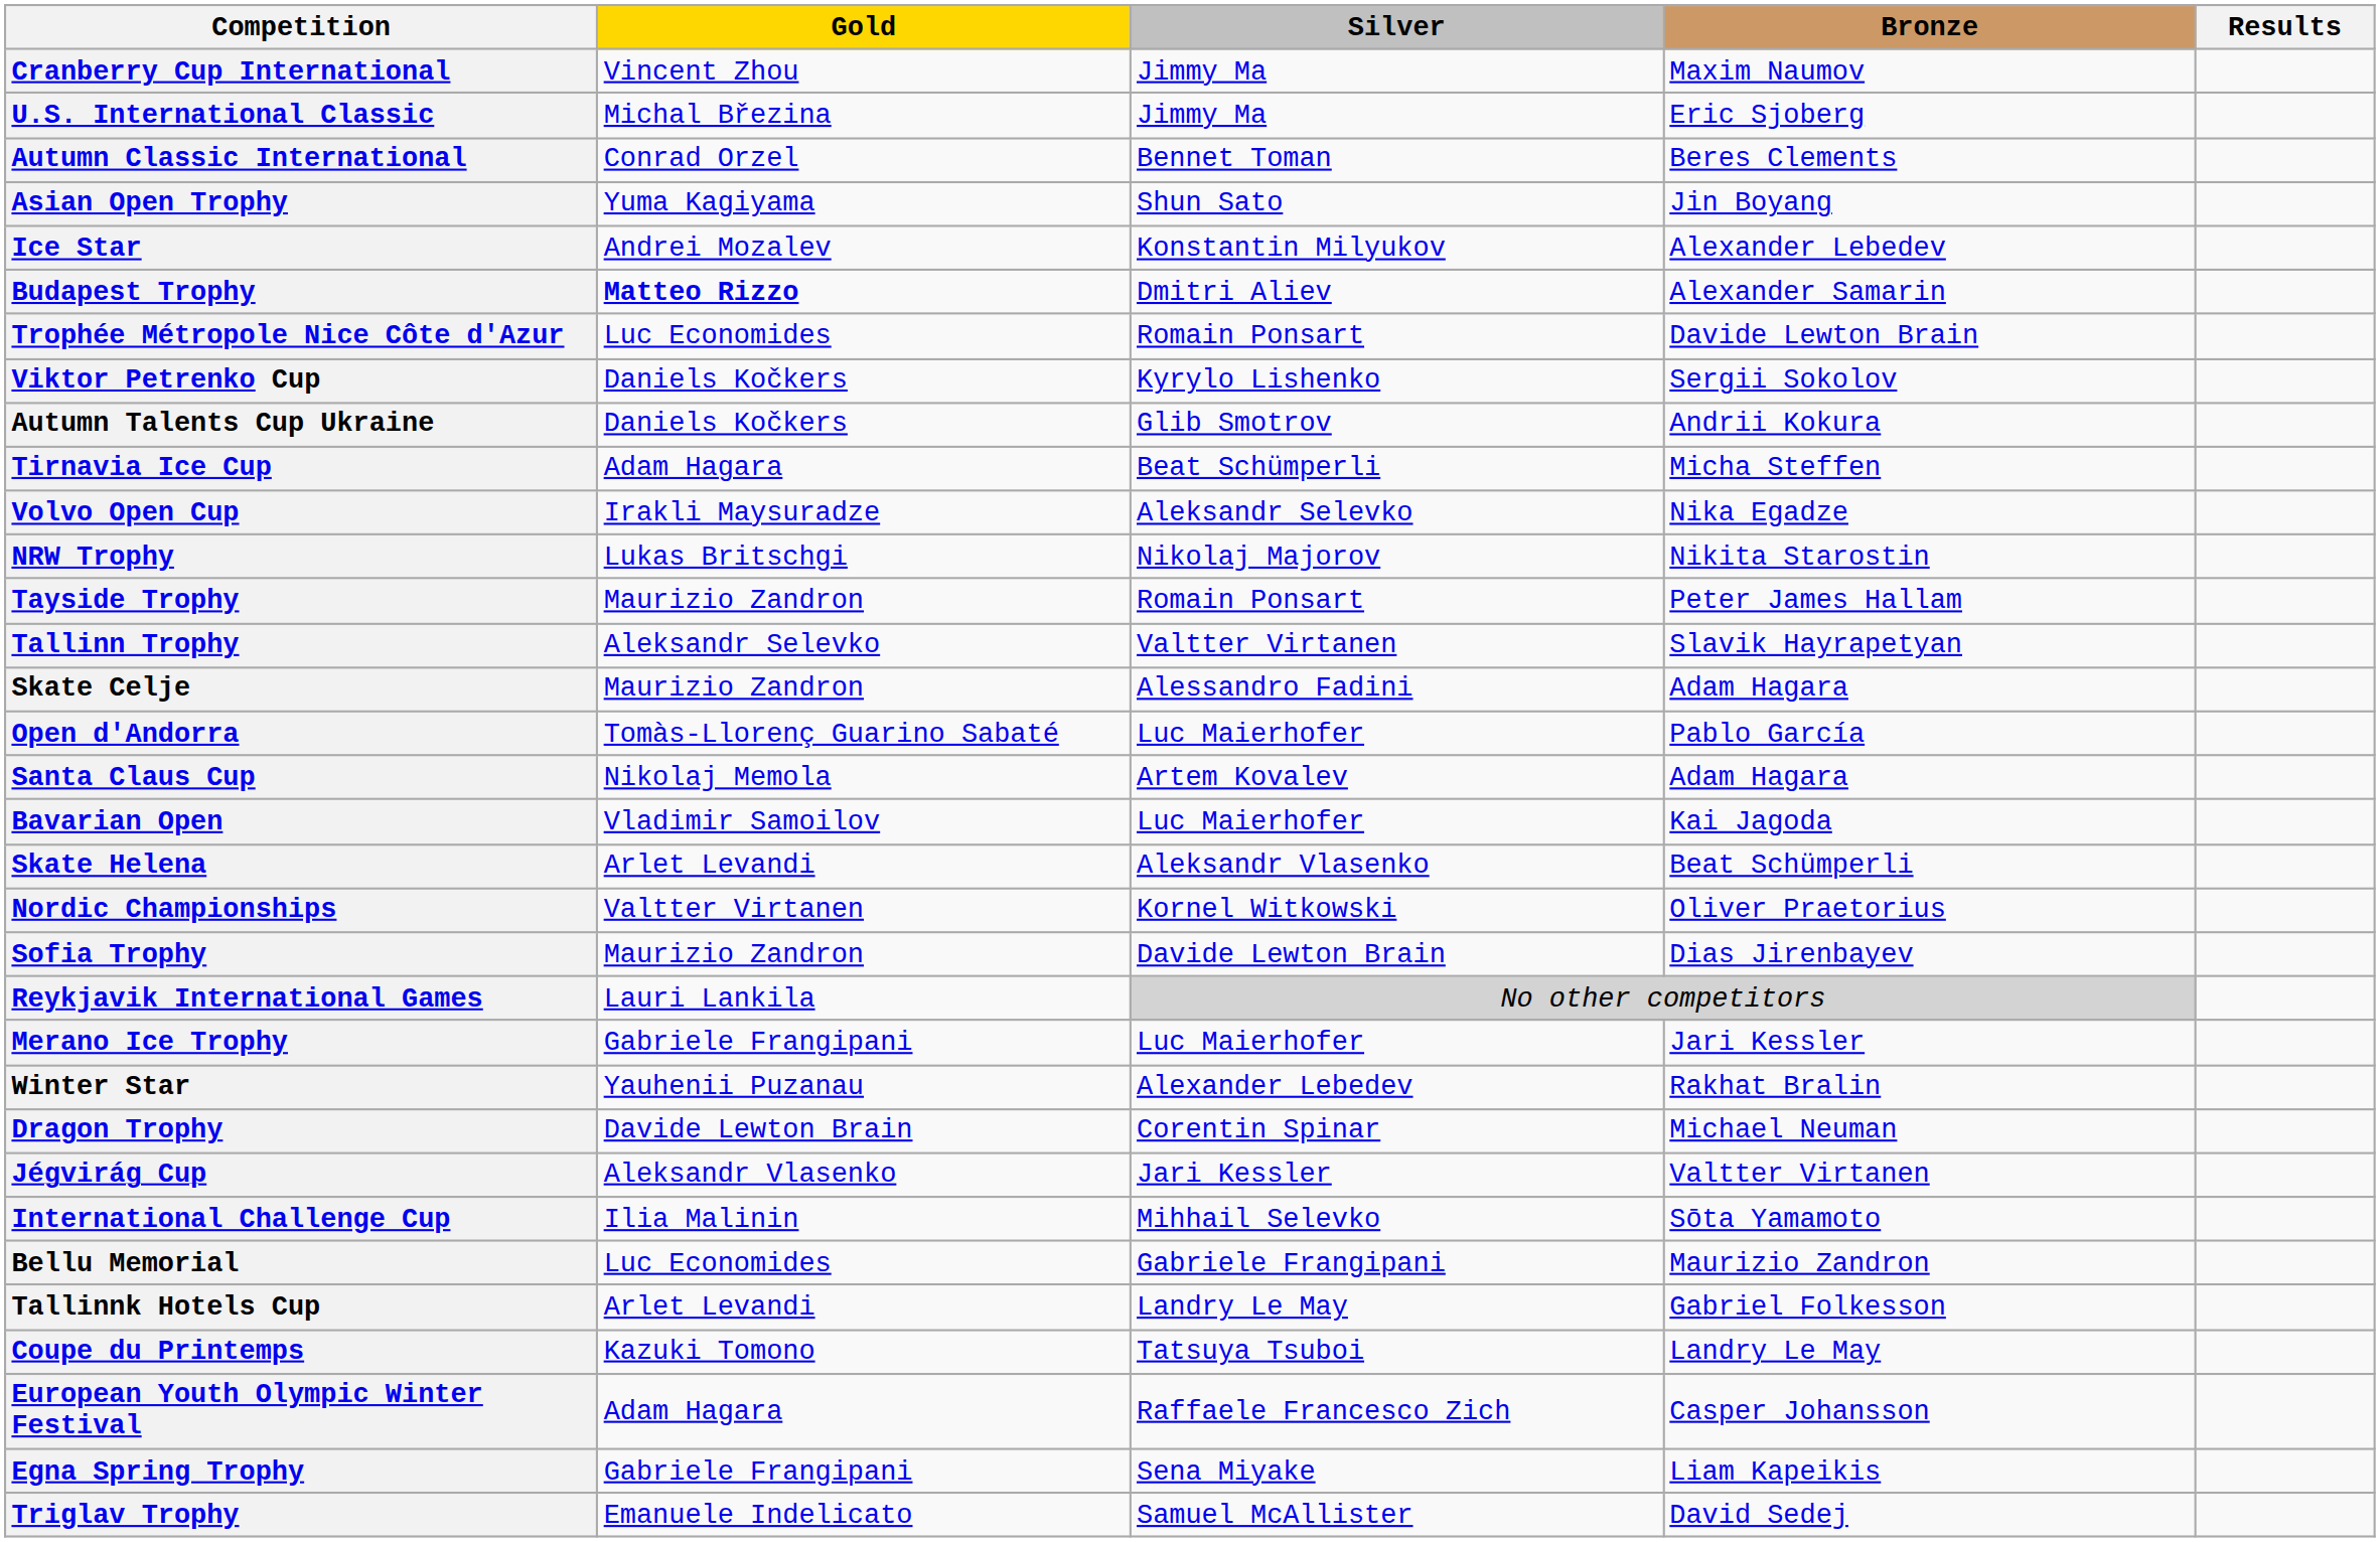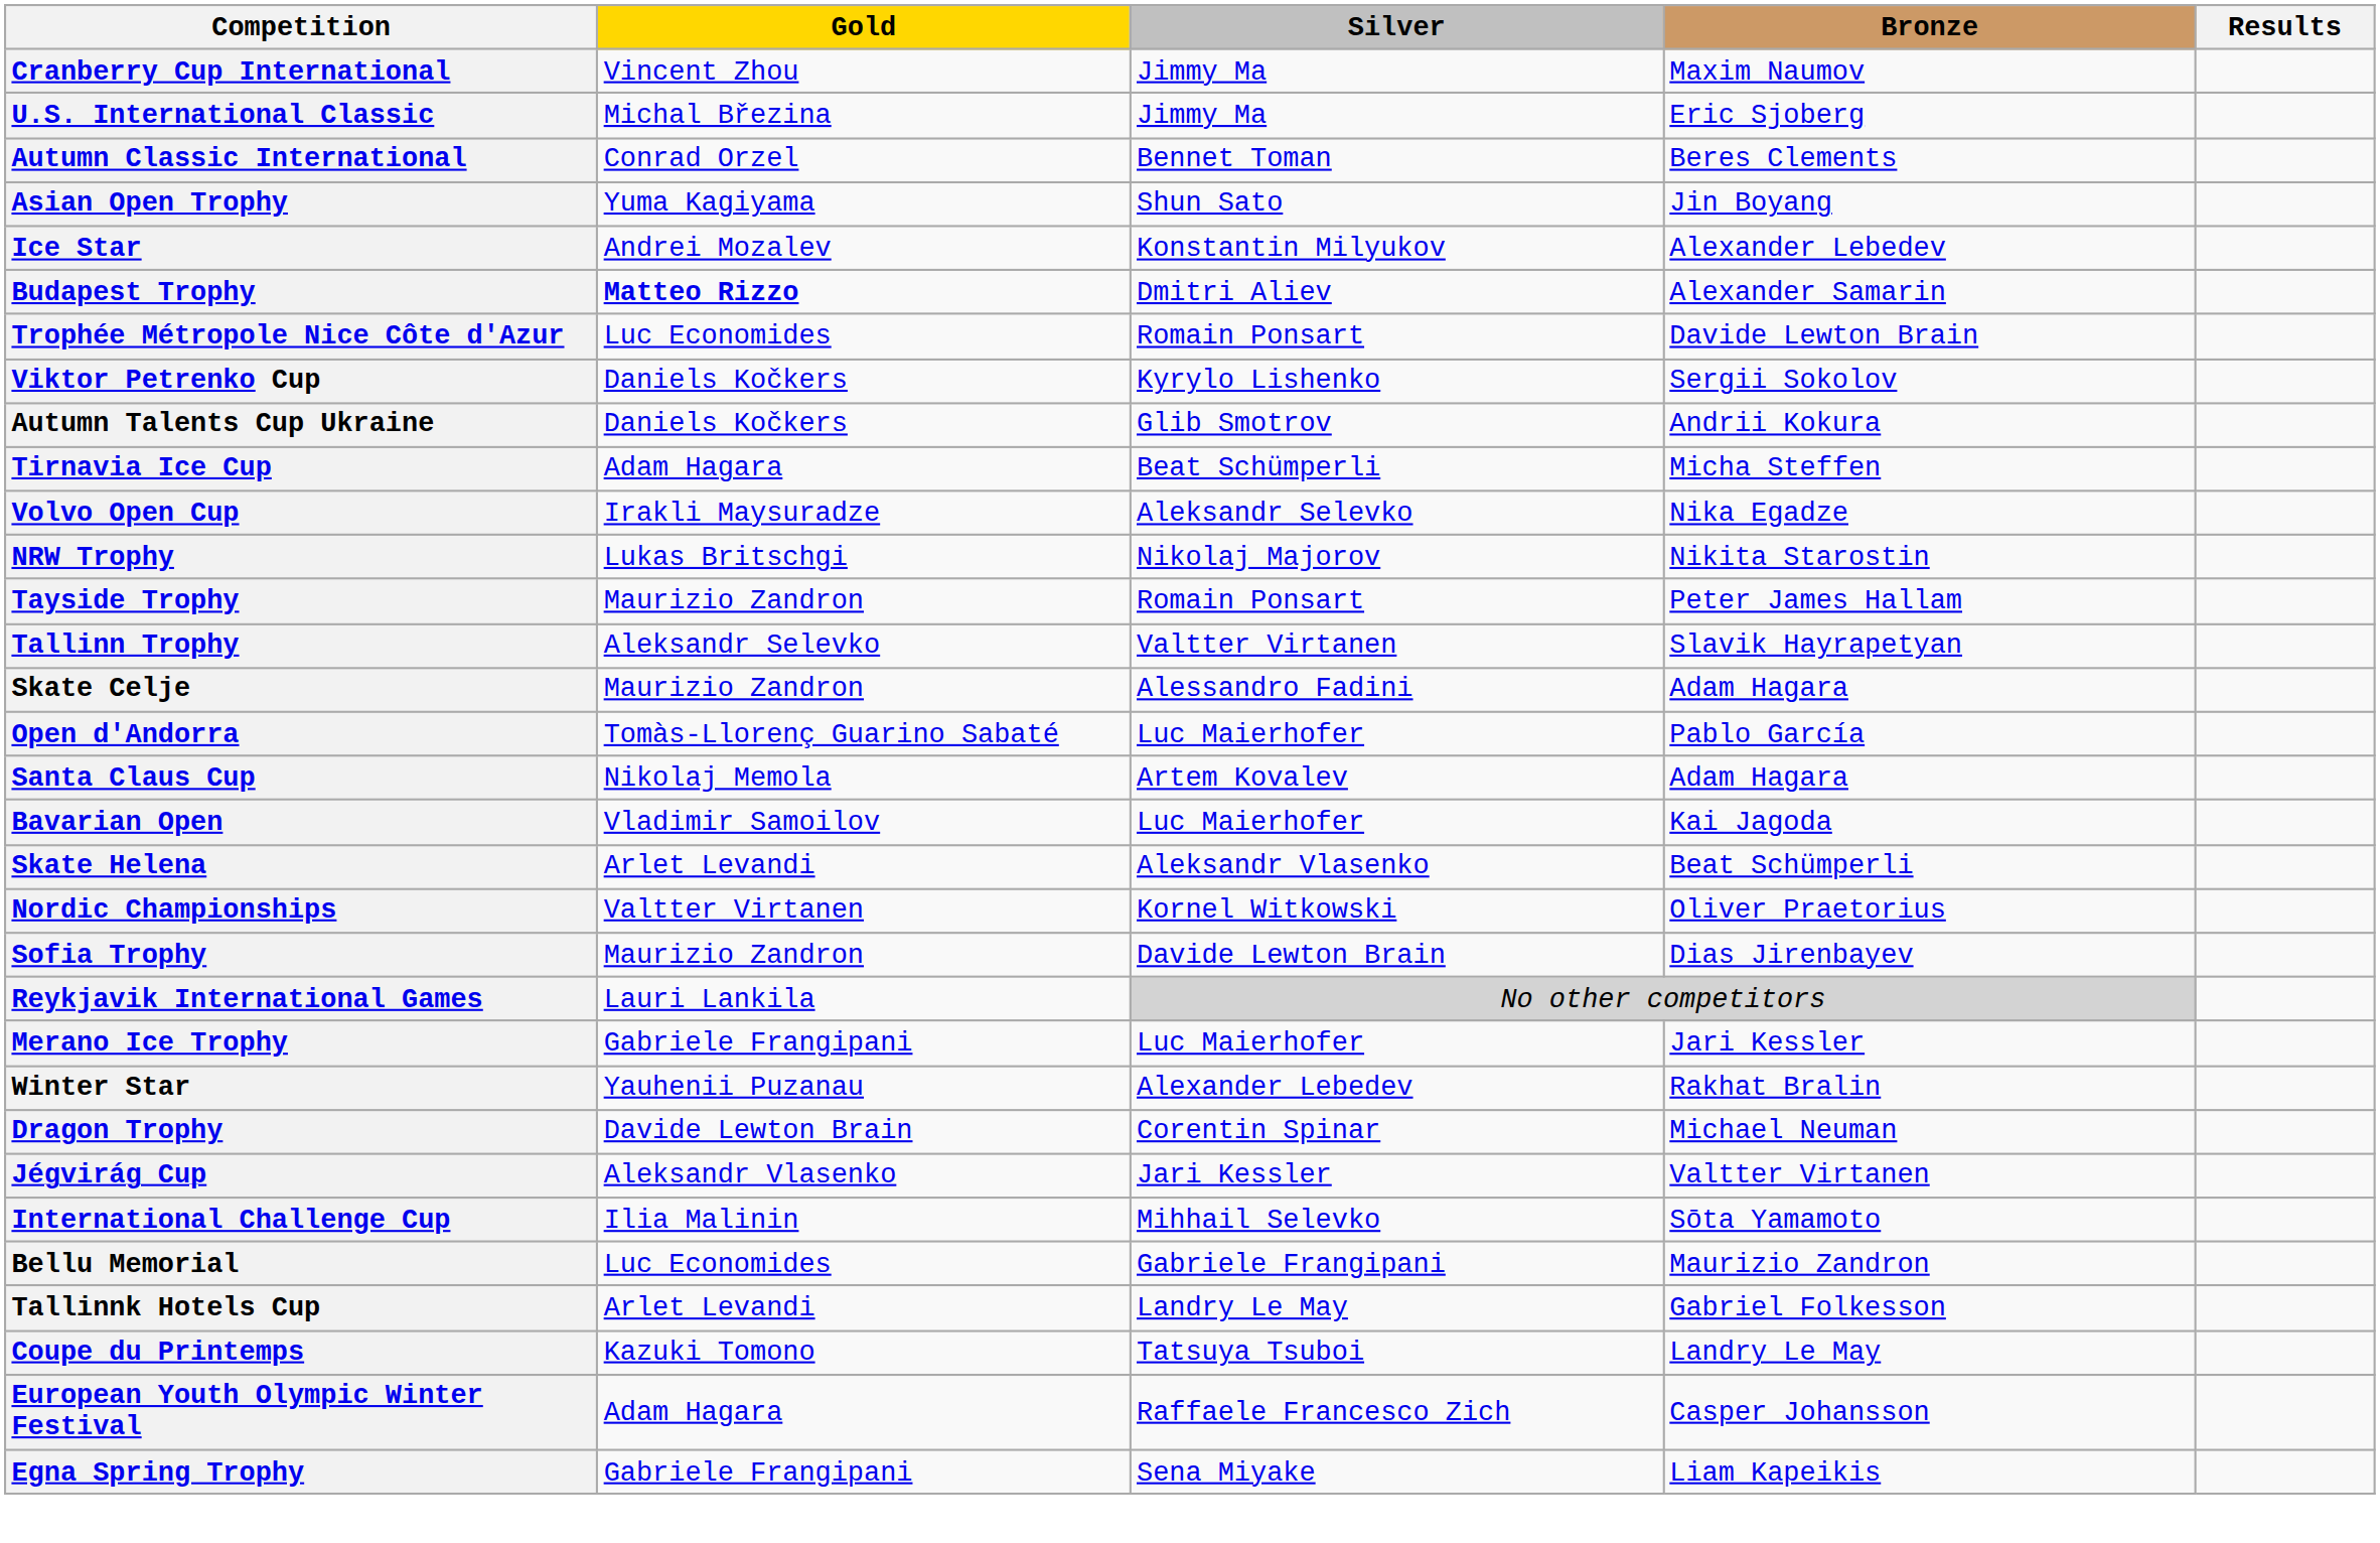 <table class="wikitable unsortable" style="text-align:left; width:90%;">
 <tr>
 <th scope="col" style="text-align:center; width:25%;">Competition</th>
 <td scope="col" style="text-align:center; width:22.5%; background:gold"><strong>Gold</strong></td>
 <td scope="col" style="text-align:center; width:22.5%; background:silver"><strong>Silver</strong></td>
 <td scope="col" style="text-align:center; width:22.5%; background:#c96"><strong>Bronze</strong></td>
 <th scope="col" style="text-align:center; width:7.5%;">Results</th>
 </tr>
 <tr>
 <th scope="row" style="text-align:left"> <a href='#'>Cranberry Cup International</a></th>
 <td> <a href='#'>Vincent Zhou</a></td>
 <td> <a href='#'>Jimmy Ma</a></td>
 <td> <a href='#'>Maxim Naumov</a></td>
 <td></td>
 </tr>
 <tr>
 <th scope="row" style="text-align:left"> <a href='#'>U.S. International Classic</a></th>
 <td> <a href='#'>Michal Březina</a></td>
 <td> <a href='#'>Jimmy Ma</a></td>
 <td> <a href='#'>Eric Sjoberg</a></td>
 <td></td>
 </tr>
 <tr>
 <th scope="row" style="text-align:left"> <a href='#'>Autumn Classic International</a></th>
 <td> <a href='#'>Conrad Orzel</a></td>
 <td> <a href='#'>Bennet Toman</a></td>
 <td> <a href='#'>Beres Clements</a></td>
 <td></td>
 </tr>
 <tr>
 <th scope="row" style="text-align:left"> <a href='#'>Asian Open Trophy</a></th>
 <td> <a href='#'>Yuma Kagiyama</a></td>
 <td> <a href='#'>Shun Sato</a></td>
 <td> <a href='#'>Jin Boyang</a></td>
 <td></td>
 </tr>
 <tr>
 <th scope="row" style="text-align:left"> <a href='#'>Ice Star</a></th>
 <td> <a href='#'>Andrei Mozalev</a></td>
 <td> <a href='#'>Konstantin Milyukov</a></td>
 <td> <a href='#'>Alexander Lebedev</a></td>
 <td></td>
 </tr>
 <tr>
 <th scope="row" style="text-align:left"> <a href='#'>Budapest Trophy</a></th>
 <td><strong> <a href='#'>Matteo Rizzo</a></strong></td>
 <td> <a href='#'>Dmitri Aliev</a></td>
 <td> <a href='#'>Alexander Samarin</a></td>
 <td></td>
 </tr>
 <tr>
 <th scope="row" style="text-align:left"> <a href='#'>Trophée Métropole Nice Côte d'Azur</a></th>
 <td> <a href='#'>Luc Economides</a></td>
 <td> <a href='#'>Romain Ponsart</a></td>
 <td> <a href='#'>Davide Lewton Brain</a></td>
 <td></td>
 </tr>
 <tr>
 <th scope="row" style="text-align:left"> <a href='#'>Viktor Petrenko</a> Cup</th>
 <td> <a href='#'>Daniels Kočkers</a></td>
 <td> <a href='#'>Kyrylo Lishenko</a></td>
 <td> <a href='#'>Sergii Sokolov</a></td>
 <td></td>
 </tr>
 <tr>
 <th scope="row" style="text-align:left"> Autumn Talents Cup Ukraine</th>
 <td> <a href='#'>Daniels Kočkers</a></td>
 <td> <a href='#'>Glib Smotrov</a></td>
 <td> <a href='#'>Andrii Kokura</a></td>
 <td></td>
 </tr>
 <tr>
 <th scope="row" style="text-align:left"> <a href='#'>Tirnavia Ice Cup</a></th>
 <td> <a href='#'>Adam Hagara</a></td>
 <td> <a href='#'>Beat Schümperli</a></td>
 <td> <a href='#'>Micha Steffen</a></td>
 <td></td>
 </tr>
 <tr>
 <th scope="row" style="text-align:left"> <a href='#'>Volvo Open Cup</a></th>
 <td> <a href='#'>Irakli Maysuradze</a></td>
 <td> <a href='#'>Aleksandr Selevko</a></td>
 <td> <a href='#'>Nika Egadze</a></td>
 <td></td>
 </tr>
 <tr>
 <th scope="row" style="text-align:left"> <a href='#'>NRW Trophy</a></th>
 <td> <a href='#'>Lukas Britschgi</a></td>
 <td> <a href='#'>Nikolaj Majorov</a></td>
 <td> <a href='#'>Nikita Starostin</a></td>
 <td></td>
 </tr>
 <tr>
 <th scope="row" style="text-align:left"> <a href='#'>Tayside Trophy</a></th>
 <td> <a href='#'>Maurizio Zandron</a></td>
 <td> <a href='#'>Romain Ponsart</a></td>
 <td> <a href='#'>Peter James Hallam</a></td>
 <td></td>
 </tr>
 <tr>
 <th scope="row" style="text-align:left"> <a href='#'>Tallinn Trophy</a></th>
 <td> <a href='#'>Aleksandr Selevko</a></td>
 <td> <a href='#'>Valtter Virtanen</a></td>
 <td> <a href='#'>Slavik Hayrapetyan</a></td>
 <td></td>
 </tr>
 <tr>
 <th scope="row" style="text-align:left"> Skate Celje</th>
 <td> <a href='#'>Maurizio Zandron</a></td>
 <td> <a href='#'>Alessandro Fadini</a></td>
 <td> <a href='#'>Adam Hagara</a></td>
 <td></td>
 </tr>
 <tr>
 <th scope="row" style="text-align:left"> <a href='#'>Open d'Andorra</a></th>
 <td> <a href='#'>Tomàs-Llorenç Guarino Sabaté</a></td>
 <td> <a href='#'>Luc Maierhofer</a></td>
 <td> <a href='#'>Pablo García</a></td>
 <td></td>
 </tr>
 <tr>
 <th scope="row" style="text-align:left"> <a href='#'>Santa Claus Cup</a></th>
 <td> <a href='#'>Nikolaj Memola</a></td>
 <td> <a href='#'>Artem Kovalev</a></td>
 <td> <a href='#'>Adam Hagara</a></td>
 <td></td>
 </tr>
 <tr>
 <th scope="row" style="text-align:left"> <a href='#'>Bavarian Open</a></th>
 <td> <a href='#'>Vladimir Samoilov</a></td>
 <td> <a href='#'>Luc Maierhofer</a></td>
 <td> <a href='#'>Kai Jagoda</a></td>
 <td></td>
 </tr>
 <tr>
 <th scope="row" style="text-align:left"> <a href='#'>Skate Helena</a></th>
 <td> <a href='#'>Arlet Levandi</a></td>
 <td> <a href='#'>Aleksandr Vlasenko</a></td>
 <td> <a href='#'>Beat Schümperli</a></td>
 <td></td>
 </tr>
 <tr>
 <th scope="row" style="text-align:left"> <a href='#'>Nordic Championships</a></th>
 <td> <a href='#'>Valtter Virtanen</a></td>
 <td> <a href='#'>Kornel Witkowski</a></td>
 <td> <a href='#'>Oliver Praetorius</a></td>
 <td></td>
 </tr>
 <tr>
 <th scope="row" style="text-align:left"> <a href='#'>Sofia Trophy</a></th>
 <td> <a href='#'>Maurizio Zandron</a></td>
 <td> <a href='#'>Davide Lewton Brain</a></td>
 <td> <a href='#'>Dias Jirenbayev</a></td>
 <td></td>
 </tr>
 <tr>
 <th scope="row" style="text-align:left"> <a href='#'>Reykjavik International Games</a></th>
 <td> <a href='#'>Lauri Lankila</a></td>
 <td colspan=2 align=center bgcolor="lightgray"><em>No other competitors</em></td>
 <td></td>
 </tr>
 <tr>
 <th scope="row" style="text-align:left"> <a href='#'>Merano Ice Trophy</a></th>
 <td> <a href='#'>Gabriele Frangipani</a></td>
 <td> <a href='#'>Luc Maierhofer</a></td>
 <td> <a href='#'>Jari Kessler</a></td>
 <td></td>
 </tr>
 <tr>
 <th scope="row" style="text-align:left"> Winter Star</th>
 <td> <a href='#'>Yauhenii Puzanau</a></td>
 <td> <a href='#'>Alexander Lebedev</a></td>
 <td> <a href='#'>Rakhat Bralin</a></td>
 <td></td>
 </tr>
 <tr>
 <th scope="row" style="text-align:left"> <a href='#'>Dragon Trophy</a></th>
 <td> <a href='#'>Davide Lewton Brain</a></td>
 <td> <a href='#'>Corentin Spinar</a></td>
 <td> <a href='#'>Michael Neuman</a></td>
 <td></td>
 </tr>
 <tr>
 <th scope="row" style="text-align:left"> <a href='#'>Jégvirág Cup</a></th>
 <td> <a href='#'>Aleksandr Vlasenko</a></td>
 <td> <a href='#'>Jari Kessler</a></td>
 <td> <a href='#'>Valtter Virtanen</a></td>
 <td></td>
 </tr>
 <tr>
 <th scope="row" style="text-align:left"> <a href='#'>International Challenge Cup</a></th>
 <td> <a href='#'>Ilia Malinin</a></td>
 <td> <a href='#'>Mihhail Selevko</a></td>
 <td> <a href='#'>Sōta Yamamoto</a></td>
 <td></td>
 </tr>
 <tr>
 <th scope="row" style="text-align:left"> Bellu Memorial</th>
 <td> <a href='#'>Luc Economides</a></td>
 <td> <a href='#'>Gabriele Frangipani</a></td>
 <td> <a href='#'>Maurizio Zandron</a></td>
 <td></td>
 </tr>
 <tr>
 <th scope="row" style="text-align:left"> Tallinnk Hotels Cup</th>
 <td> <a href='#'>Arlet Levandi</a></td>
 <td> <a href='#'>Landry Le May</a></td>
 <td> <a href='#'>Gabriel Folkesson</a></td>
 <td></td>
 </tr>
 <tr>
 <th scope="row" style="text-align:left"> <a href='#'>Coupe du Printemps</a></th>
 <td> <a href='#'>Kazuki Tomono</a></td>
 <td> <a href='#'>Tatsuya Tsuboi</a></td>
 <td> <a href='#'>Landry Le May</a></td>
 <td></td>
 </tr>
 <tr>
 <th scope="row" style="text-align:left"> <a href='#'>European Youth Olympic Winter Festival</a></th>
 <td> <a href='#'>Adam Hagara</a></td>
 <td> <a href='#'>Raffaele Francesco Zich</a></td>
 <td> <a href='#'>Casper Johansson</a></td>
 <td></td>
 </tr>
 <tr>
 <th scope="row" style="text-align:left"> <a href='#'>Egna Spring Trophy</a></th>
 <td> <a href='#'>Gabriele Frangipani</a></td>
 <td> <a href='#'>Sena Miyake</a></td>
 <td> <a href='#'>Liam Kapeikis</a></td>
 <td></td>
 </tr>
-<tr>
-<th scope="row" style="text-align:left"> <a href='#'>Triglav Trophy</a></th>
-<td> <a href='#'>Emanuele Indelicato</a></td>
-<td> <a href='#'>Samuel McAllister</a></td>
-<td> <a href='#'>David Sedej</a></td>
-<td></td>
-</tr>
 </table>
